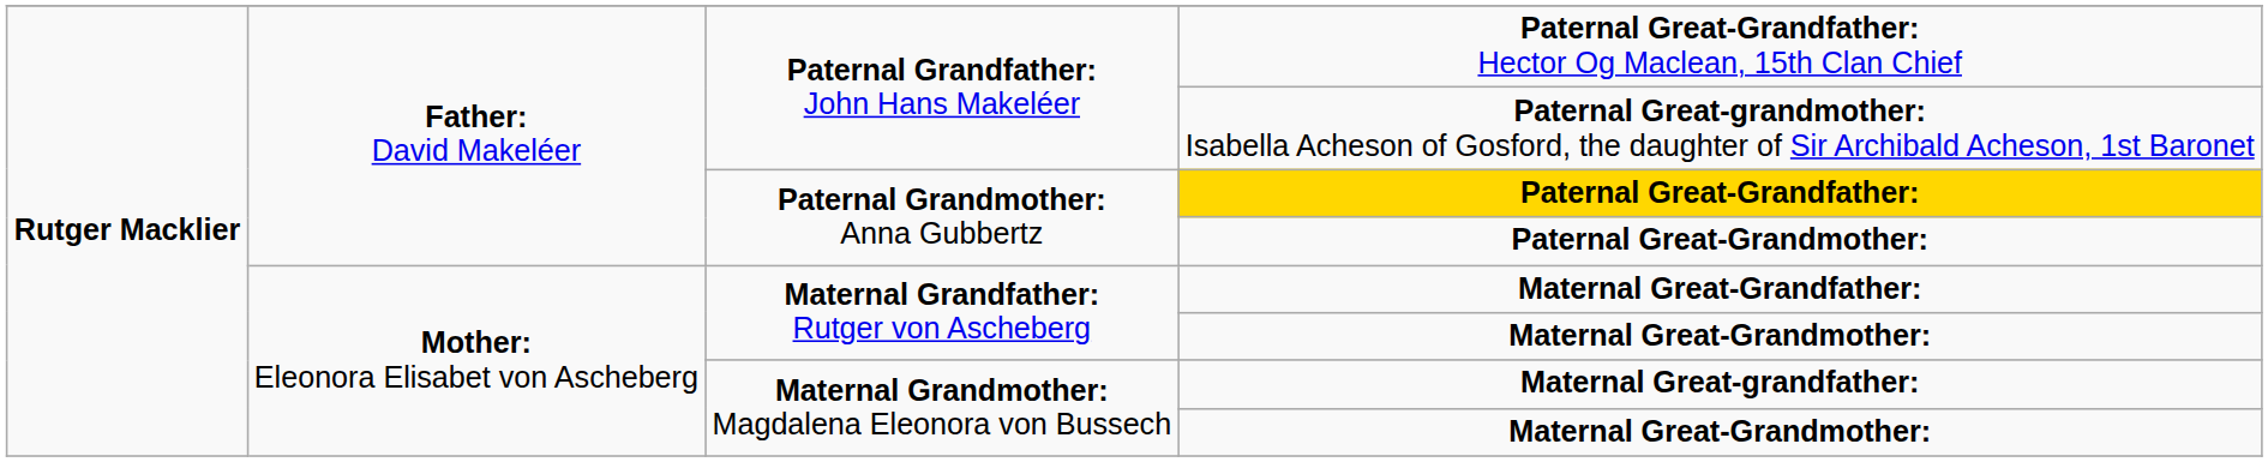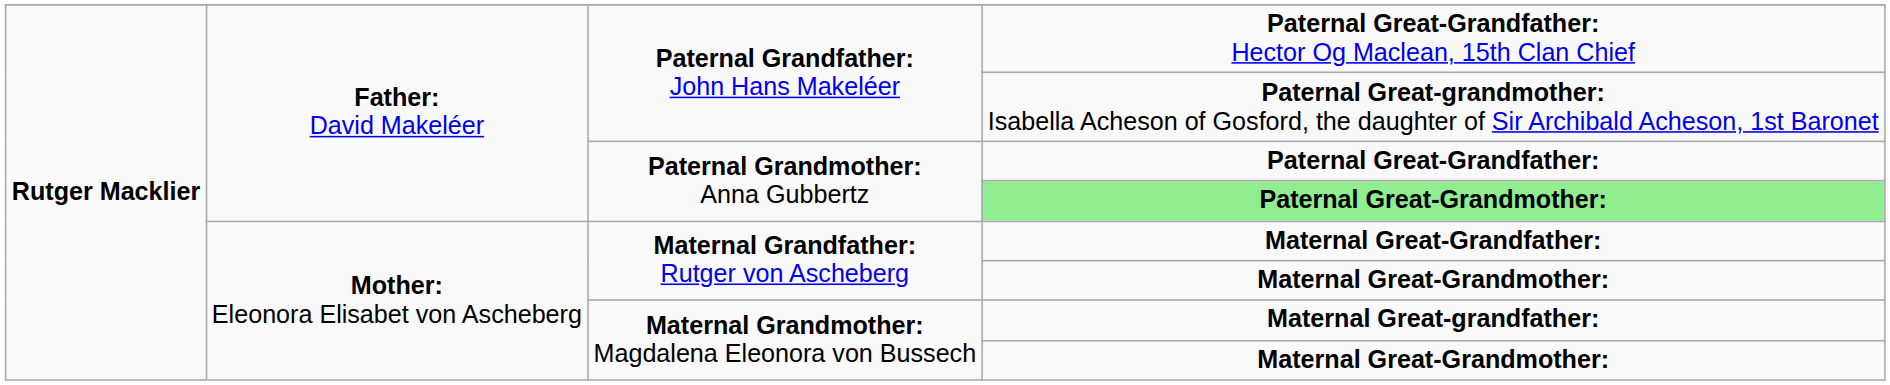 <table class="wikitable" style="margin:1em auto;">
 <tr>
 </tr>
 <tr>
 <td rowspan="8" align="center"><strong>Rutger Macklier</strong></td>
 <td rowspan="4" align="center"><strong>Father:</strong><br><a href='#'>David Makeléer</a></td>
 <td rowspan="2" align="center"><strong>Paternal Grandfather:</strong><br><a href='#'>John Hans Makeléer</a></td>
 <td align="center"><strong>Paternal Great-Grandfather:</strong><br><a href='#'>Hector Og Maclean, 15th Clan Chief</a></td>
 </tr>
 <tr>
 <td align="center"><strong>Paternal Great-grandmother:</strong><br>Isabella Acheson of Gosford, the daughter of <a href='#'>Sir Archibald Acheson, 1st Baronet</a></td>
 </tr>
 <tr>
 <td rowspan="2" align="center"><strong>Paternal Grandmother:</strong><br>Anna Gubbertz</td>
-<td align="center" style="background: gold;"><strong>Paternal Great-Grandfather:</strong><br></td>
+<td align="center"><strong>Paternal Great-Grandfather:</strong><br></td>
 </tr>
 <tr>
-<td align="center"><strong>Paternal Great-Grandmother:</strong><br></td>
+<td align="center" style="background: lightgreen;"><strong>Paternal Great-Grandmother:</strong><br></td>
 </tr>
 <tr>
 <td rowspan="4" align="center"><strong>Mother:</strong><br>Eleonora Elisabet von Ascheberg</td>
 <td rowspan="2" align="center"><strong>Maternal Grandfather:</strong><br><a href='#'>Rutger von Ascheberg</a></td>
 <td align="center"><strong>Maternal Great-Grandfather:</strong><br></td>
 </tr>
 <tr>
 <td align="center"><strong>Maternal Great-Grandmother:</strong><br></td>
 </tr>
 <tr>
 <td rowspan="2" align="center"><strong>Maternal Grandmother:</strong><br>Magdalena Eleonora von Bussech</td>
 <td align="center"><strong>Maternal Great-grandfather:</strong><br></td>
 </tr>
 <tr>
 <td align="center"><strong>Maternal Great-Grandmother:</strong><br></td>
 </tr>
 </table>
